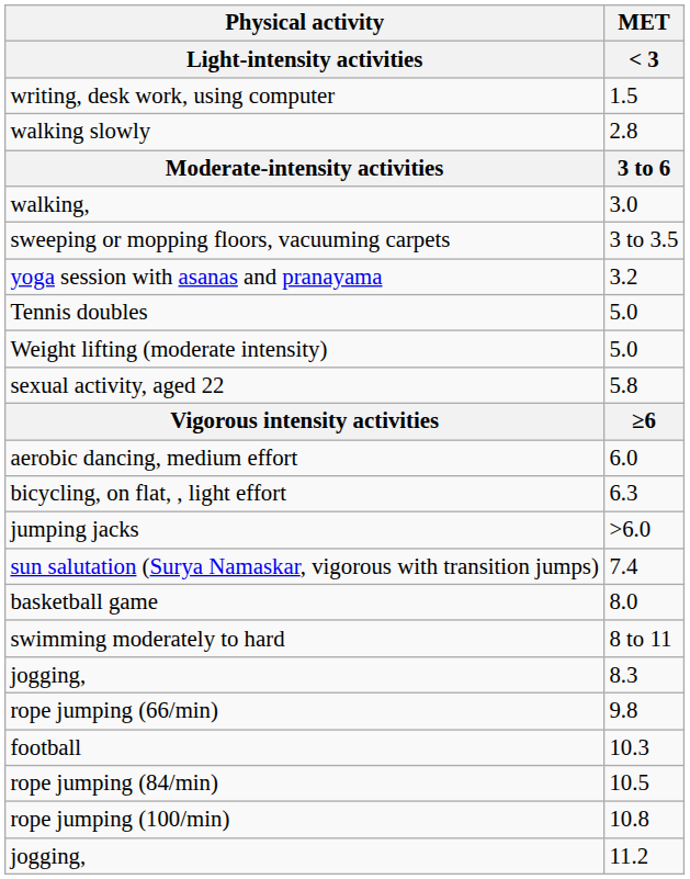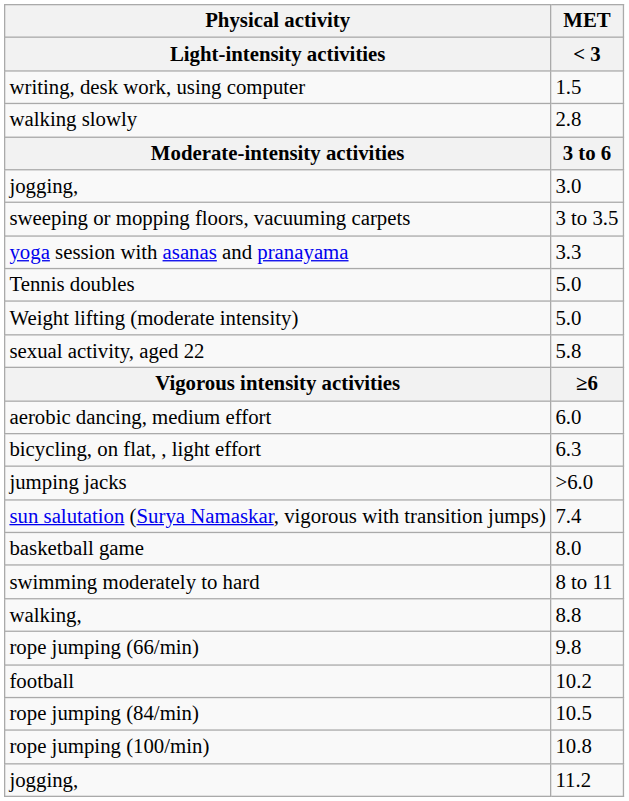 <table class="wikitable" border="1">
 <tr>
 <th>Physical activity</th>
 <th>MET</th>
 </tr>
 <tr>
 <th>Light-intensity activities</th>
 <th>< 3</th>
 </tr>
 <tr>
 <td>writing, desk work, using computer</td>
 <td>1.5</td>
 </tr>
 <tr>
 <td>walking slowly</td>
 <td>2.8</td>
 </tr>
 <tr>
 <th>Moderate-intensity activities</th>
 <th>3 to 6</th>
 </tr>
 <tr>
-<td>walking, </td>
+<td>jogging, </td>
 <td>3.0</td>
 </tr>
 <tr>
 <td>sweeping or mopping floors, vacuuming carpets</td>
 <td>3 to 3.5</td>
 </tr>
 <tr>
 <td><a href='#'>yoga</a> session with <a href='#'>asanas</a> and <a href='#'>pranayama</a></td>
-<td>3.2</td>
+<td>3.3</td>
 </tr>
 <tr>
 <td>Tennis doubles</td>
 <td>5.0</td>
 </tr>
 <tr>
 <td>Weight lifting (moderate intensity)</td>
 <td>5.0</td>
 </tr>
 <tr>
 <td>sexual activity, aged 22</td>
 <td>5.8</td>
 </tr>
 <tr>
 <th>Vigorous intensity activities</th>
 <th>≥6</th>
 </tr>
 <tr>
 <td>aerobic dancing, medium effort</td>
 <td>6.0</td>
 </tr>
 <tr>
 <td>bicycling, on flat, , light effort</td>
 <td>6.3</td>
 </tr>
 <tr>
 <td>jumping jacks</td>
 <td>>6.0</td>
 </tr>
 <tr>
 <td><a href='#'>sun salutation</a> (<a href='#'>Surya Namaskar</a>, vigorous with transition jumps)</td>
 <td>7.4</td>
 </tr>
 <tr>
 <td>basketball game</td>
 <td>8.0</td>
 </tr>
 <tr>
 <td>swimming moderately to hard</td>
 <td>8 to 11</td>
 </tr>
 <tr>
-<td>jogging, </td>
-<td>8.3</td>
+<td>walking, </td>
+<td>8.8</td>
 </tr>
 <tr>
 <td>rope jumping (66/min)</td>
 <td>9.8</td>
 </tr>
 <tr>
 <td>football</td>
-<td>10.3</td>
+<td>10.2</td>
 </tr>
 <tr>
 <td>rope jumping (84/min)</td>
 <td>10.5</td>
 </tr>
 <tr>
 <td>rope jumping (100/min)</td>
 <td>10.8</td>
 </tr>
 <tr>
 <td>jogging, </td>
 <td>11.2</td>
 </tr>
 </table>
